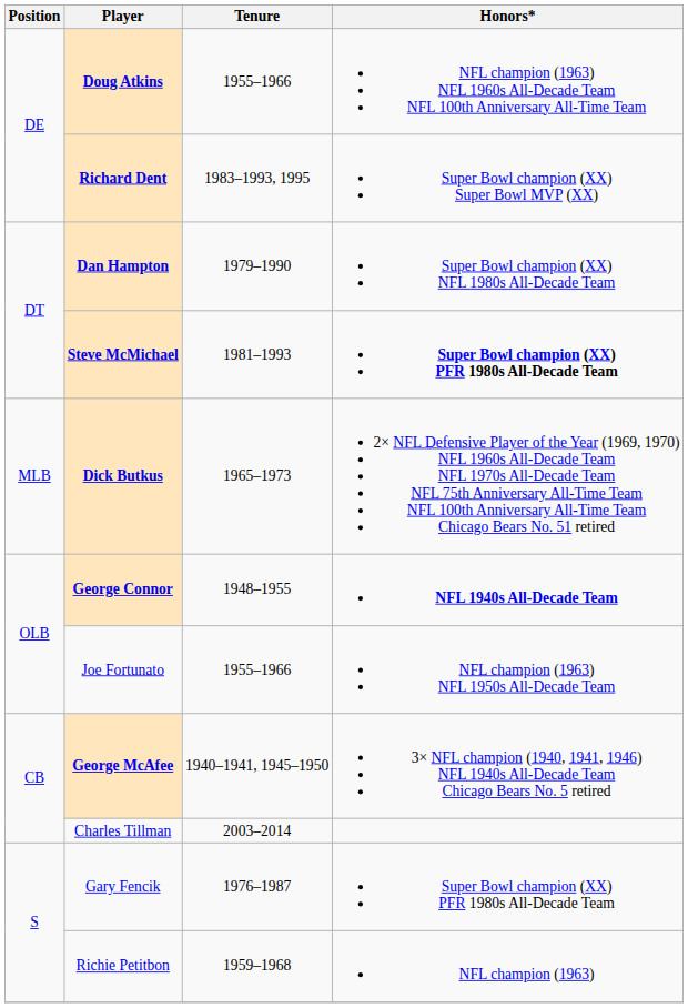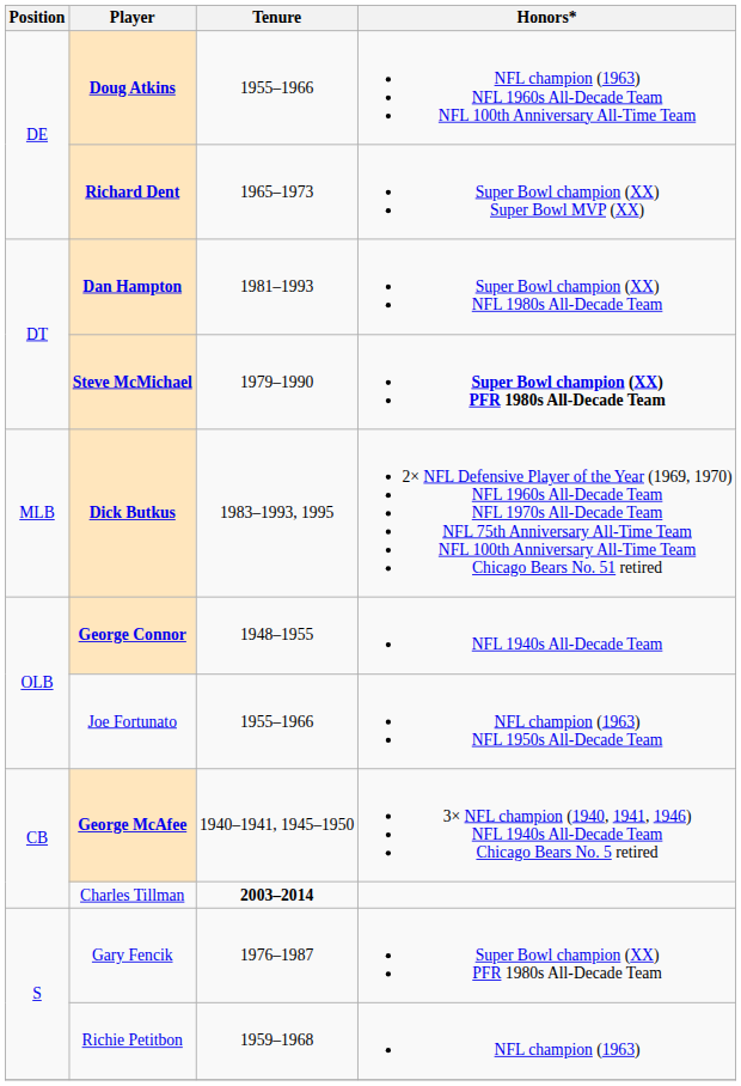 <table class="wikitable" style="text-align:center">
 <tr>
 <th>Position</th>
 <th>Player</th>
 <th>Tenure</th>
 <th>Honors*</th>
 </tr>
 <tr>
 <td rowspan=2><a href='#'>DE</a></td>
 <td style="background-color:#FFE6BD"><strong><a href='#'>Doug Atkins</a></strong></td>
 <td>1955–1966</td>
 <td><br><ul><li><a href='#'>NFL champion</a> (<a href='#'>1963</a>)</li><li><a href='#'>NFL 1960s All-Decade Team</a></li><li><a href='#'>NFL 100th Anniversary All-Time Team</a></li></ul></td>
 </tr>
 <tr>
 <td style="background-color:#FFE6BD"><strong><a href='#'>Richard Dent</a></strong></td>
-<td>1983–1993, 1995</td>
+<td>1965–1973</td>
 <td><br><ul><li><a href='#'>Super Bowl champion</a> (<a href='#'>XX</a>)</li><li><a href='#'>Super Bowl MVP</a> (<a href='#'>XX</a>)</li></ul></td>
 </tr>
 <tr>
 <td rowspan=2><a href='#'>DT</a></td>
 <td style="background-color:#FFE6BD"><strong><a href='#'>Dan Hampton</a></strong></td>
-<td>1979–1990</td>
+<td>1981–1993</td>
 <td><br><ul><li><a href='#'>Super Bowl champion</a> (<a href='#'>XX</a>)</li><li><a href='#'>NFL 1980s All-Decade Team</a></li></ul></td>
 </tr>
 <tr>
 <td style="background-color:#FFE6BD"><strong><a href='#'>Steve McMichael</a></strong></td>
-<td>1981–1993</td>
+<td>1979–1990</td>
 <td><strong><br><ul><li><a href='#'>Super Bowl champion</a> (<a href='#'>XX</a>)</li><li><a href='#'>PFR</a> 1980s All-Decade Team</li></ul></strong></td>
 </tr>
 <tr>
 <td rowspan=1><a href='#'>MLB</a></td>
 <td style="background-color:#FFE6BD"><strong><a href='#'>Dick Butkus</a></strong></td>
-<td>1965–1973</td>
+<td>1983–1993, 1995</td>
 <td><br><ul><li>2× <a href='#'>NFL Defensive Player of the Year</a> (1969, 1970)</li><li><a href='#'>NFL 1960s All-Decade Team</a></li><li><a href='#'>NFL 1970s All-Decade Team</a></li><li><a href='#'>NFL 75th Anniversary All-Time Team</a></li><li><a href='#'>NFL 100th Anniversary All-Time Team</a></li><li><a href='#'>Chicago Bears No. 51</a> retired</li></ul></td>
 </tr>
 <tr>
 <td rowspan=2><a href='#'>OLB</a></td>
 <td style="background-color:#FFE6BD"><strong><a href='#'>George Connor</a></strong></td>
 <td>1948–1955</td>
-<td><strong><br><ul><li><a href='#'>NFL 1940s All-Decade Team</a></li></ul></strong></td>
+<td><br><ul><li><a href='#'>NFL 1940s All-Decade Team</a></li></ul></td>
 </tr>
 <tr>
 <td><a href='#'>Joe Fortunato</a></td>
 <td>1955–1966</td>
 <td><br><ul><li><a href='#'>NFL champion</a> (<a href='#'>1963</a>)</li><li><a href='#'>NFL 1950s All-Decade Team</a></li></ul></td>
 </tr>
 <tr>
 <td rowspan=2><a href='#'>CB</a></td>
 <td style="background-color:#FFE6BD"><strong><a href='#'>George McAfee</a></strong></td>
 <td>1940–1941, 1945–1950</td>
 <td><br><ul><li>3× <a href='#'>NFL champion</a> (<a href='#'>1940</a>, <a href='#'>1941</a>, <a href='#'>1946</a>)</li><li><a href='#'>NFL 1940s All-Decade Team</a></li><li><a href='#'>Chicago Bears No. 5</a> retired</li></ul></td>
 </tr>
 <tr>
 <td><a href='#'>Charles Tillman</a></td>
-<td>2003–2014</td>
+<td><strong>2003–2014</strong></td>
 <td></td>
 </tr>
 <tr>
 <td rowspan=2><a href='#'>S</a></td>
 <td><a href='#'>Gary Fencik</a></td>
 <td>1976–1987</td>
 <td><br><ul><li><a href='#'>Super Bowl champion</a> (<a href='#'>XX</a>)</li><li><a href='#'>PFR</a> 1980s All-Decade Team</li></ul></td>
 </tr>
 <tr>
 <td><a href='#'>Richie Petitbon</a></td>
 <td>1959–1968</td>
 <td><br><ul><li><a href='#'>NFL champion</a> (<a href='#'>1963</a>)</li></ul></td>
 </tr>
 <tr>
 </tr>
 </table>
